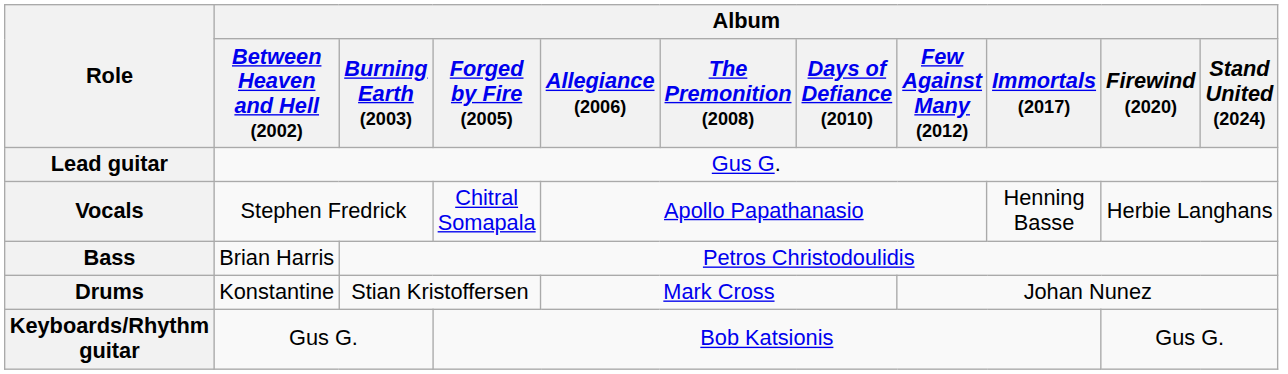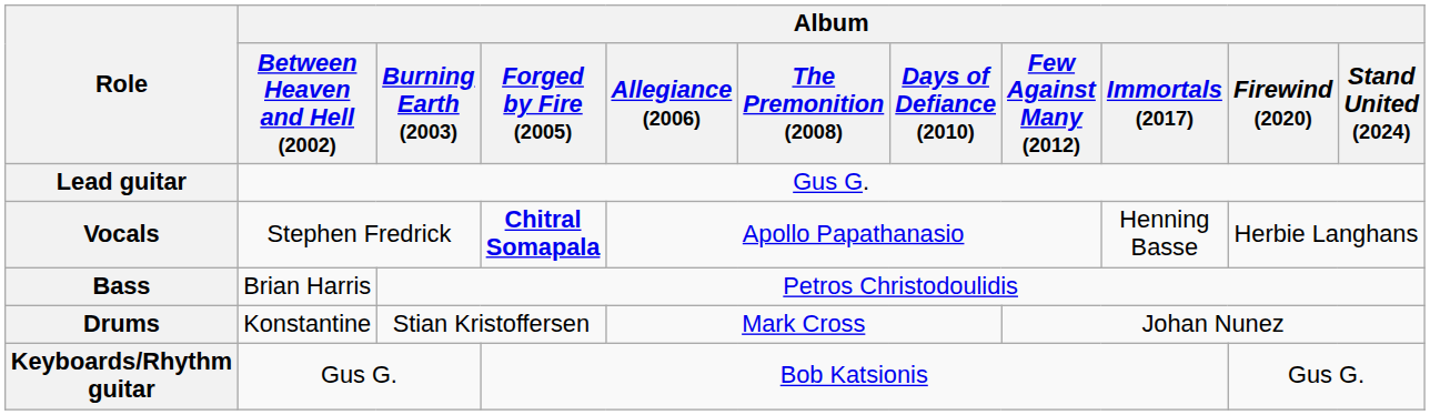 <table class="wikitable" style="text-align:center; width:99%;">
 <tr>
 <th rowspan="2" style="width:10%;">Role</th>
 <th colspan="10" style="text-align:center;">Album</th>
 </tr>
 <tr>
 <th style="text-align:center; width:8%;"><em><a href='#'>Between Heaven and Hell</a></em><br><small>(2002)</small></th>
 <th style="text-align:center; width:8%;"><em><a href='#'>Burning Earth</a></em><br><small>(2003)</small></th>
 <th style="text-align:center; width:8%;"><em><a href='#'>Forged by Fire</a></em><br><small>(2005)</small></th>
 <th style="text-align:center; width:8%;"><em><a href='#'>Allegiance</a></em><br><small>(2006)</small></th>
 <th style="text-align:center; width:8%;"><em><a href='#'>The Premonition</a></em><br><small>(2008)</small></th>
 <th style="text-align:center; width:8%;"><em><a href='#'>Days of Defiance</a></em><br><small>(2010)</small></th>
 <th style="text-align:center; width:8%;"><em><a href='#'>Few Against Many</a></em><br><small>(2012)</small></th>
 <th style="text-align:center; width:8%;"><em><a href='#'>Immortals</a></em><br><small>(2017)</small></th>
 <th style="text-align:center; width:8%;"><em>Firewind</em><br><small>(2020)</small></th>
 <th style="text-align:center; width:8%;"><em>Stand United</em><br><small>(2024)</small></th>
 </tr>
 <tr>
 <th>Lead guitar</th>
 <td colspan="10"><a href='#'>Gus G</a>.</td>
 </tr>
 <tr>
 <th>Vocals</th>
 <td colspan="2">Stephen Fredrick</td>
-<td><a href='#'>Chitral Somapala</a></td>
+<td><strong><a href='#'>Chitral Somapala</a></strong></td>
 <td colspan="4"><a href='#'>Apollo Papathanasio</a></td>
 <td>Henning Basse</td>
 <td colspan="2">Herbie Langhans</td>
 </tr>
 <tr>
 <th>Bass</th>
 <td>Brian Harris</td>
 <td colspan="9"><a href='#'>Petros Christodoulidis</a></td>
 </tr>
 <tr>
 <th>Drums</th>
 <td>Konstantine</td>
 <td colspan="2">Stian Kristoffersen</td>
 <td colspan="3"><a href='#'>Mark Cross</a></td>
 <td colspan="4">Johan Nunez</td>
 </tr>
 <tr>
 <th>Keyboards/Rhythm guitar</th>
 <td colspan="2">Gus G.</td>
 <td colspan="6"><a href='#'>Bob Katsionis</a></td>
 <td colspan="2">Gus G.</td>
 </tr>
 </table>
